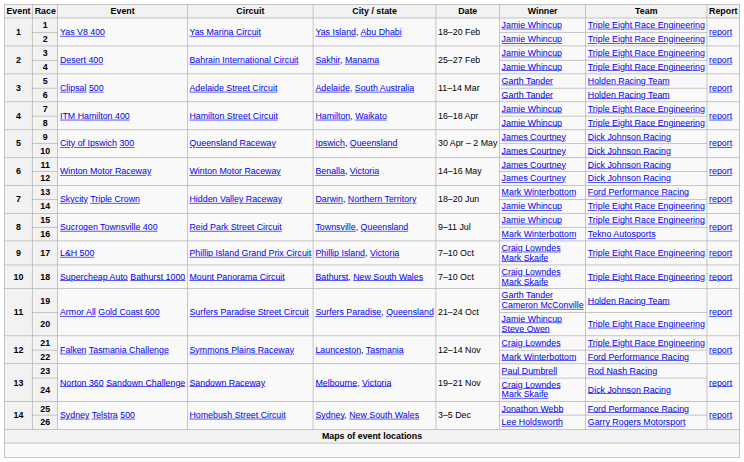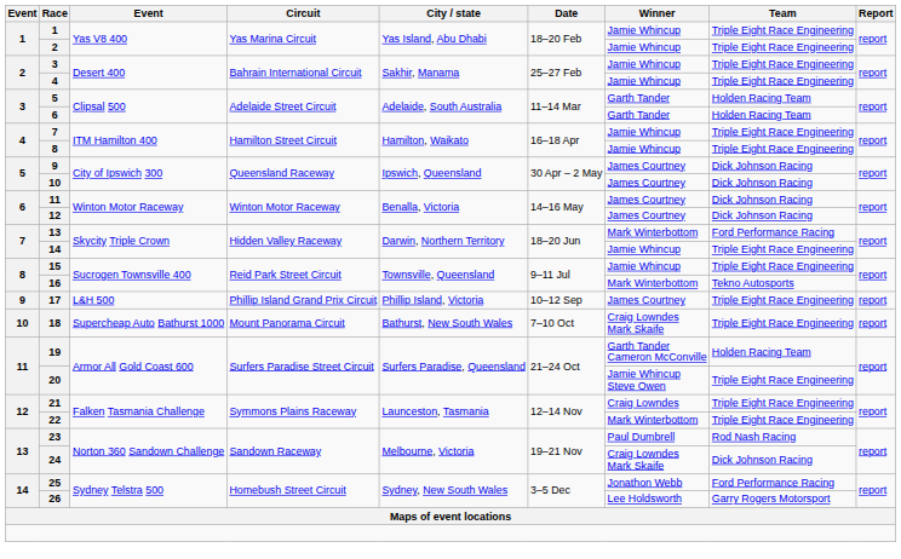 <table class="wikitable" style="font-size: 85%">
 <tr>
 <th>Event</th>
 <th>Race</th>
 <th>Event</th>
 <th>Circuit</th>
 <th>City / state</th>
 <th>Date</th>
 <th>Winner</th>
 <th>Team</th>
 <th>Report</th>
 </tr>
 <tr>
 <th rowspan=2>1</th>
 <th>1</th>
 <td rowspan=2> <a href='#'>Yas V8 400</a></td>
 <td rowspan=2><a href='#'>Yas Marina Circuit</a></td>
 <td rowspan=2><a href='#'>Yas Island</a>, <a href='#'>Abu Dhabi</a></td>
 <td rowspan=2>18–20 Feb</td>
 <td><a href='#'>Jamie Whincup</a></td>
 <td><a href='#'>Triple Eight Race Engineering</a></td>
 <td rowspan=2><a href='#'>report</a></td>
 </tr>
 <tr>
 <th>2</th>
 <td><a href='#'>Jamie Whincup</a></td>
 <td><a href='#'>Triple Eight Race Engineering</a></td>
 </tr>
 <tr>
 <th rowspan=2>2</th>
 <th>3</th>
 <td rowspan=2> <a href='#'>Desert 400</a></td>
 <td rowspan=2><a href='#'>Bahrain International Circuit</a></td>
 <td rowspan=2><a href='#'>Sakhir</a>, <a href='#'>Manama</a></td>
 <td rowspan=2>25–27 Feb</td>
 <td><a href='#'>Jamie Whincup</a></td>
 <td><a href='#'>Triple Eight Race Engineering</a></td>
 <td rowspan=2><a href='#'>report</a></td>
 </tr>
 <tr>
 <th>4</th>
 <td><a href='#'>Jamie Whincup</a></td>
 <td><a href='#'>Triple Eight Race Engineering</a></td>
 </tr>
 <tr>
 <th rowspan=2>3</th>
 <th>5</th>
 <td rowspan=2> <a href='#'>Clipsal</a> <a href='#'>500</a></td>
 <td rowspan=2><a href='#'>Adelaide Street Circuit</a></td>
 <td rowspan=2><a href='#'>Adelaide</a>, <a href='#'>South Australia</a></td>
 <td rowspan=2>11–14 Mar</td>
 <td><a href='#'>Garth Tander</a></td>
 <td><a href='#'>Holden Racing Team</a></td>
 <td rowspan=2><a href='#'>report</a></td>
 </tr>
 <tr>
 <th>6</th>
 <td><a href='#'>Garth Tander</a></td>
 <td><a href='#'>Holden Racing Team</a></td>
 </tr>
 <tr>
 <th rowspan=2>4</th>
 <th>7</th>
 <td rowspan=2> <a href='#'>ITM Hamilton 400</a></td>
 <td rowspan=2><a href='#'>Hamilton Street Circuit</a></td>
 <td rowspan=2><a href='#'>Hamilton</a>, <a href='#'>Waikato</a></td>
 <td rowspan=2>16–18 Apr</td>
 <td><a href='#'>Jamie Whincup</a></td>
 <td><a href='#'>Triple Eight Race Engineering</a></td>
 <td rowspan=2><a href='#'>report</a></td>
 </tr>
 <tr>
 <th>8</th>
 <td><a href='#'>Jamie Whincup</a></td>
 <td><a href='#'>Triple Eight Race Engineering</a></td>
 </tr>
 <tr>
 <th rowspan=2>5</th>
 <th>9</th>
 <td rowspan=2> <a href='#'>City of Ipswich</a> <a href='#'>300</a></td>
 <td rowspan=2><a href='#'>Queensland Raceway</a></td>
 <td rowspan=2><a href='#'>Ipswich</a>, <a href='#'>Queensland</a></td>
 <td rowspan=2>30 Apr – 2 May</td>
 <td><a href='#'>James Courtney</a></td>
 <td><a href='#'>Dick Johnson Racing</a></td>
 <td rowspan=2><a href='#'>report</a></td>
 </tr>
 <tr>
 <th>10</th>
 <td><a href='#'>James Courtney</a></td>
 <td><a href='#'>Dick Johnson Racing</a></td>
 </tr>
 <tr>
 <th rowspan=2>6</th>
 <th>11</th>
 <td rowspan=2> <a href='#'>Winton Motor Raceway</a></td>
 <td rowspan=2><a href='#'>Winton Motor Raceway</a></td>
 <td rowspan=2><a href='#'>Benalla</a>, <a href='#'>Victoria</a></td>
 <td rowspan=2>14–16 May</td>
 <td><a href='#'>James Courtney</a></td>
 <td><a href='#'>Dick Johnson Racing</a></td>
 <td rowspan=2><a href='#'>report</a></td>
 </tr>
 <tr>
 <th>12</th>
 <td><a href='#'>James Courtney</a></td>
 <td><a href='#'>Dick Johnson Racing</a></td>
 </tr>
 <tr>
 <th rowspan=2>7</th>
 <th>13</th>
 <td rowspan=2> <a href='#'>Skycity</a> <a href='#'>Triple Crown</a></td>
 <td rowspan=2><a href='#'>Hidden Valley Raceway</a></td>
 <td rowspan=2><a href='#'>Darwin</a>, <a href='#'>Northern Territory</a></td>
 <td rowspan=2>18–20 Jun</td>
 <td><a href='#'>Mark Winterbottom</a></td>
 <td><a href='#'>Ford Performance Racing</a></td>
 <td rowspan=2><a href='#'>report</a></td>
 </tr>
 <tr>
 <th>14</th>
 <td><a href='#'>Jamie Whincup</a></td>
 <td><a href='#'>Triple Eight Race Engineering</a></td>
 </tr>
 <tr>
 <th rowspan=2>8</th>
 <th>15</th>
 <td rowspan=2> <a href='#'>Sucrogen Townsville 400</a></td>
 <td rowspan=2><a href='#'>Reid Park Street Circuit</a></td>
 <td rowspan=2><a href='#'>Townsville</a>, <a href='#'>Queensland</a></td>
 <td rowspan=2>9–11 Jul</td>
 <td><a href='#'>Jamie Whincup</a></td>
 <td><a href='#'>Triple Eight Race Engineering</a></td>
 <td rowspan=2><a href='#'>report</a></td>
 </tr>
 <tr>
 <th>16</th>
 <td><a href='#'>Mark Winterbottom</a></td>
 <td><a href='#'>Tekno Autosports</a></td>
 </tr>
 <tr>
 <th>9</th>
 <th>17</th>
 <td> <a href='#'>L&H 500</a></td>
 <td><a href='#'>Phillip Island Grand Prix Circuit</a></td>
 <td><a href='#'>Phillip Island</a>, <a href='#'>Victoria</a></td>
-<td>7–10 Oct</td>
-<td><a href='#'>Craig Lowndes</a><br><a href='#'>Mark Skaife</a></td>
+<td>10–12 Sep</td>
+<td><a href='#'>James Courtney</a></td>
 <td><a href='#'>Triple Eight Race Engineering</a></td>
 <td><a href='#'>report</a></td>
 </tr>
 <tr>
 <th>10</th>
 <th>18</th>
 <td> <a href='#'>Supercheap Auto</a> <a href='#'>Bathurst 1000</a></td>
 <td><a href='#'>Mount Panorama Circuit</a></td>
 <td><a href='#'>Bathurst</a>, <a href='#'>New South Wales</a></td>
 <td>7–10 Oct</td>
 <td><a href='#'>Craig Lowndes</a><br><a href='#'>Mark Skaife</a></td>
 <td><a href='#'>Triple Eight Race Engineering</a></td>
 <td><a href='#'>report</a></td>
 </tr>
 <tr>
 <th rowspan=2>11</th>
 <th>19</th>
 <td rowspan=2> <a href='#'>Armor All</a> <a href='#'>Gold Coast 600</a></td>
 <td rowspan=2><a href='#'>Surfers Paradise Street Circuit</a></td>
 <td rowspan=2><a href='#'>Surfers Paradise</a>, <a href='#'>Queensland</a></td>
 <td rowspan=2>21–24 Oct</td>
 <td><a href='#'>Garth Tander</a><br><a href='#'>Cameron McConville</a></td>
 <td><a href='#'>Holden Racing Team</a></td>
 <td rowspan=2><a href='#'>report</a></td>
 </tr>
 <tr>
 <th>20</th>
 <td><a href='#'>Jamie Whincup</a><br><a href='#'>Steve Owen</a></td>
 <td><a href='#'>Triple Eight Race Engineering</a></td>
 </tr>
 <tr>
 <th rowspan=2>12</th>
 <th>21</th>
 <td rowspan=2> <a href='#'>Falken</a> <a href='#'>Tasmania Challenge</a></td>
 <td rowspan=2><a href='#'>Symmons Plains Raceway</a></td>
 <td rowspan=2><a href='#'>Launceston</a>, <a href='#'>Tasmania</a></td>
 <td rowspan=2>12–14 Nov</td>
 <td><a href='#'>Craig Lowndes</a></td>
 <td><a href='#'>Triple Eight Race Engineering</a></td>
 <td rowspan=2><a href='#'>report</a></td>
 </tr>
 <tr>
 <th>22</th>
 <td><a href='#'>Mark Winterbottom</a></td>
-<td><a href='#'>Ford Performance Racing</a></td>
+<td><a href='#'>Triple Eight Race Engineering</a></td>
 </tr>
 <tr>
 <th rowspan=2>13</th>
 <th>23</th>
 <td rowspan=2> <a href='#'>Norton 360</a> <a href='#'>Sandown Challenge</a></td>
 <td rowspan=2><a href='#'>Sandown Raceway</a></td>
 <td rowspan=2><a href='#'>Melbourne</a>, <a href='#'>Victoria</a></td>
 <td rowspan=2>19–21 Nov</td>
 <td><a href='#'>Paul Dumbrell</a></td>
 <td><a href='#'>Rod Nash Racing</a></td>
 <td rowspan=2><a href='#'>report</a></td>
 </tr>
 <tr>
 <th>24</th>
 <td><a href='#'>Craig Lowndes</a><br><a href='#'>Mark Skaife</a></td>
 <td><a href='#'>Dick Johnson Racing</a></td>
 </tr>
 <tr>
 <th rowspan=2>14</th>
 <th>25</th>
 <td rowspan=2> <a href='#'>Sydney</a> <a href='#'>Telstra</a> <a href='#'>500</a></td>
 <td rowspan=2><a href='#'>Homebush Street Circuit</a></td>
 <td rowspan=2><a href='#'>Sydney</a>, <a href='#'>New South Wales</a></td>
 <td rowspan=2>3–5 Dec</td>
 <td><a href='#'>Jonathon Webb</a></td>
 <td><a href='#'>Ford Performance Racing</a></td>
 <td rowspan=2><a href='#'>report</a></td>
 </tr>
 <tr>
 <th>26</th>
 <td><a href='#'>Lee Holdsworth</a></td>
 <td><a href='#'>Garry Rogers Motorsport</a></td>
 </tr>
 <tr>
 <th colspan=9>Maps of event locations</th>
 </tr>
 <tr>
 <td colspan=9><br>      </td>
 </tr>
 </table>
